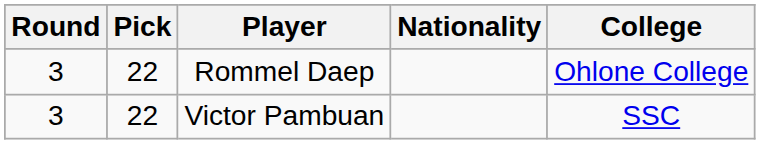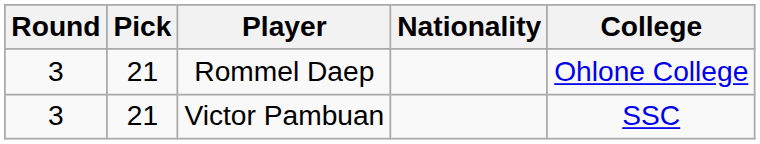 <table class="wikitable sortable sortable">
 <tr>
 <th>Round</th>
 <th>Pick</th>
 <th>Player</th>
 <th>Nationality</th>
 <th>College</th>
 </tr>
 <tr style="text-align: center">
 <td align="center">3</td>
-<td align="center">22</td>
+<td align="center">21</td>
 <td>Rommel Daep</td>
 <td></td>
 <td><a href='#'>Ohlone College</a></td>
 </tr>
 <tr style="text-align: center">
 <td align="center">3</td>
-<td align="center">22</td>
+<td align="center">21</td>
 <td>Victor Pambuan</td>
 <td></td>
 <td><a href='#'>SSC</a></td>
 </tr>
 </table>
